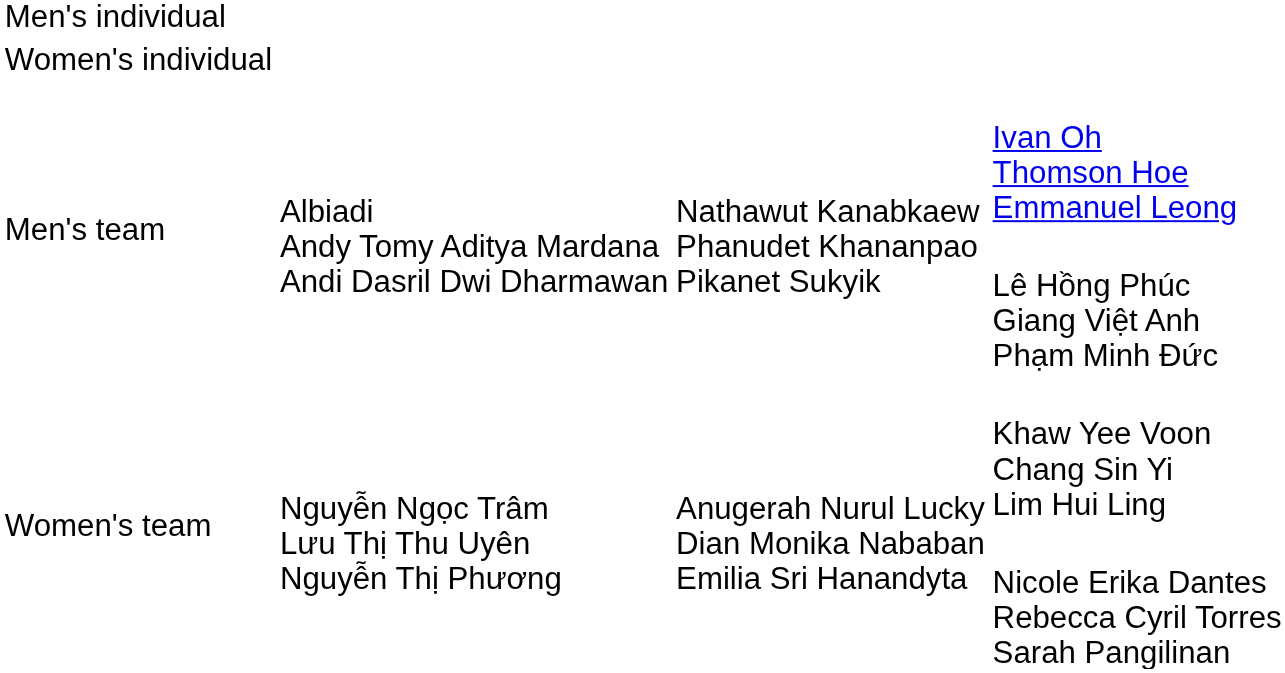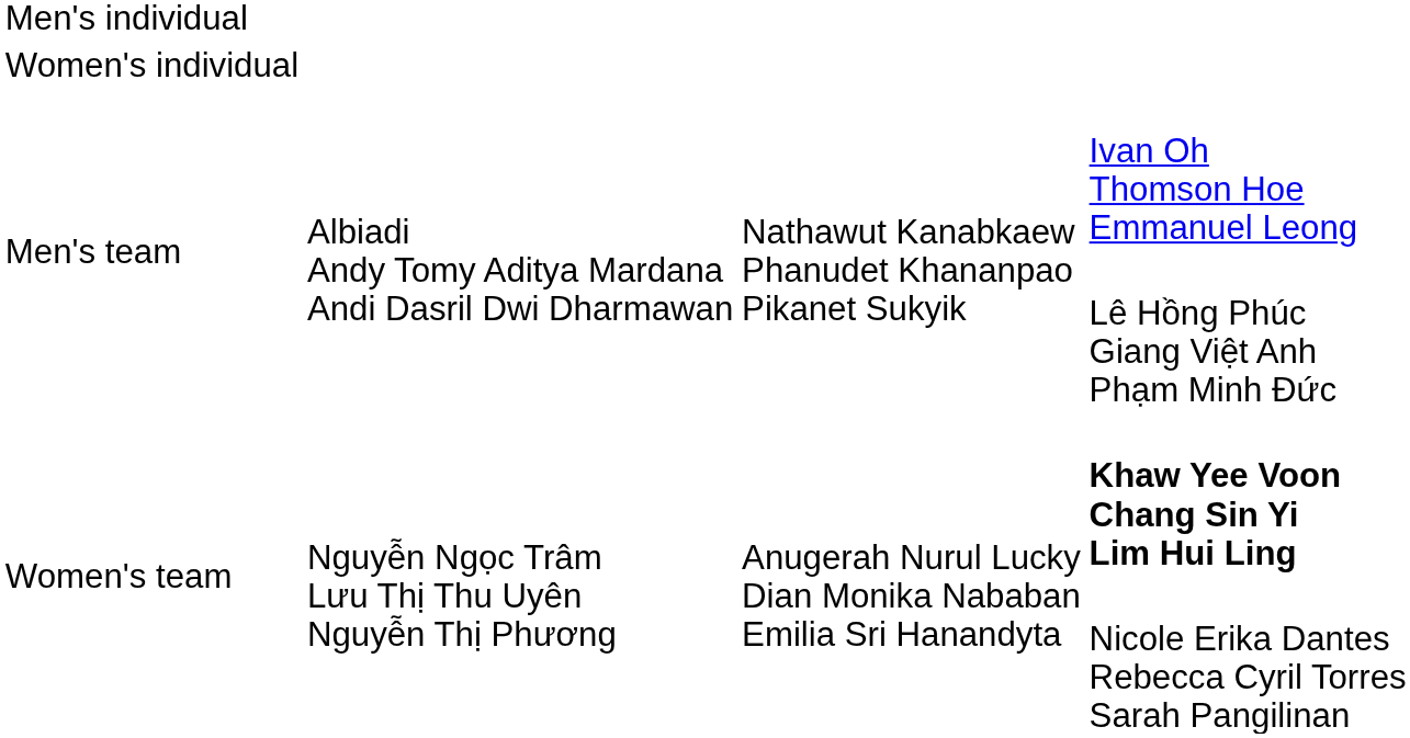 <table>
 <tr>
 <td rowspan=2>Men's individual</td>
 <td rowspan=2></td>
 <td rowspan=2></td>
 <td nowrap></td>
 </tr>
 <tr>
 <td></td>
 </tr>
 <tr>
 <td rowspan=2>Women's individual</td>
 <td rowspan=2></td>
 <td rowspan=2 nowrap></td>
 <td></td>
 </tr>
 <tr>
 <td></td>
 </tr>
 <tr>
 <td rowspan=2>Men's team</td>
 <td rowspan=2 nowrap><br>Albiadi<br>Andy Tomy Aditya Mardana<br>Andi Dasril Dwi Dharmawan</td>
 <td rowspan=2><br>Nathawut Kanabkaew<br>Phanudet Khananpao<br>Pikanet Sukyik</td>
 <td><br><a href='#'>Ivan Oh</a><br><a href='#'>Thomson Hoe</a><br><a href='#'>Emmanuel Leong</a></td>
 </tr>
 <tr>
 <td><br>Lê Hồng Phúc<br>Giang Việt Anh<br>Phạm Minh Đức</td>
 </tr>
 <tr>
 <td rowspan=2>Women's team</td>
 <td rowspan=2><br>Nguyễn Ngọc Trâm<br>Lưu Thị Thu Uyên<br>Nguyễn Thị Phương</td>
 <td rowspan=2><br>Anugerah Nurul Lucky<br>Dian Monika Nababan<br>Emilia Sri Hanandyta</td>
-<td><br>Khaw Yee Voon<br>Chang Sin Yi<br>Lim Hui Ling</td>
+<td><strong><br>Khaw Yee Voon<br>Chang Sin Yi<br>Lim Hui Ling</strong></td>
 </tr>
 <tr>
 <td><br>Nicole Erika Dantes<br>Rebecca Cyril Torres<br>Sarah Pangilinan</td>
 </tr>
 <tr>
 </tr>
 </table>
